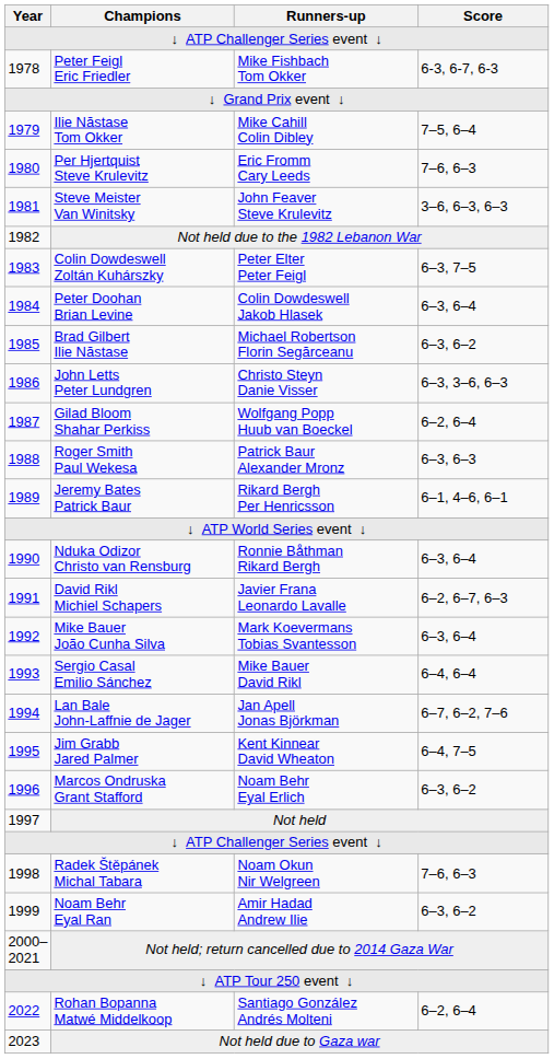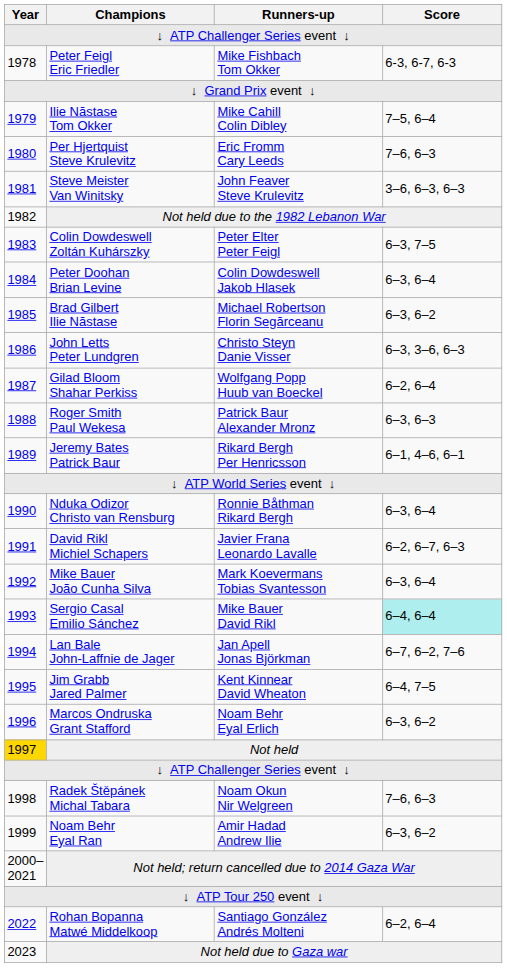 <table class=wikitable>
 <tr>
 <th style="width:40px">Year</th>
 <th style="width:200px">Champions</th>
 <th style="width:200px">Runners-up</th>
 <th style="width:140px" class="unsortable">Score</th>
 </tr>
 <tr>
 <td colspan="4" align="center" bgcolor=#e9e9e9>↓  <a href='#'>ATP Challenger Series</a> event  ↓</td>
 </tr>
 <tr>
 <td>1978</td>
 <td> <a href='#'>Peter Feigl</a><br> <a href='#'>Eric Friedler</a></td>
 <td> <a href='#'>Mike Fishbach</a><br> <a href='#'>Tom Okker</a></td>
 <td>6-3, 6-7, 6-3</td>
 </tr>
 <tr>
 <td colspan="4" align="center" bgcolor=#e9e9e9>↓  <a href='#'>Grand Prix</a> event  ↓</td>
 </tr>
 <tr>
 <td><a href='#'>1979</a></td>
 <td> <a href='#'>Ilie Năstase</a><br> <a href='#'>Tom Okker</a></td>
 <td> <a href='#'>Mike Cahill</a><br> <a href='#'>Colin Dibley</a></td>
 <td>7–5, 6–4</td>
 </tr>
 <tr>
 <td><a href='#'>1980</a></td>
 <td> <a href='#'>Per Hjertquist</a><br> <a href='#'>Steve Krulevitz</a></td>
 <td> <a href='#'>Eric Fromm</a><br> <a href='#'>Cary Leeds</a></td>
 <td>7–6, 6–3</td>
 </tr>
 <tr>
 <td><a href='#'>1981</a></td>
 <td> <a href='#'>Steve Meister</a><br> <a href='#'>Van Winitsky</a></td>
 <td> <a href='#'>John Feaver</a><br> <a href='#'>Steve Krulevitz</a></td>
 <td>3–6, 6–3, 6–3</td>
 </tr>
 <tr>
 <td>1982</td>
 <td colspan=3 align=center style="background:#efefef"><em>Not held due to the <a href='#'>1982 Lebanon War</a></em></td>
 </tr>
 <tr>
 <td><a href='#'>1983</a></td>
 <td> <a href='#'>Colin Dowdeswell</a><br> <a href='#'>Zoltán Kuhárszky</a></td>
 <td> <a href='#'>Peter Elter</a><br> <a href='#'>Peter Feigl</a></td>
 <td>6–3, 7–5</td>
 </tr>
 <tr>
 <td><a href='#'>1984</a></td>
 <td> <a href='#'>Peter Doohan</a><br> <a href='#'>Brian Levine</a></td>
 <td> <a href='#'>Colin Dowdeswell</a><br> <a href='#'>Jakob Hlasek</a></td>
 <td>6–3, 6–4</td>
 </tr>
 <tr>
 <td><a href='#'>1985</a></td>
 <td> <a href='#'>Brad Gilbert</a><br> <a href='#'>Ilie Năstase</a></td>
 <td> <a href='#'>Michael Robertson</a><br> <a href='#'>Florin Segărceanu</a></td>
 <td>6–3, 6–2</td>
 </tr>
 <tr>
 <td><a href='#'>1986</a></td>
 <td> <a href='#'>John Letts</a><br> <a href='#'>Peter Lundgren</a></td>
 <td> <a href='#'>Christo Steyn</a><br> <a href='#'>Danie Visser</a></td>
 <td>6–3, 3–6, 6–3</td>
 </tr>
 <tr>
 <td><a href='#'>1987</a></td>
 <td> <a href='#'>Gilad Bloom</a><br> <a href='#'>Shahar Perkiss</a></td>
 <td> <a href='#'>Wolfgang Popp</a><br> <a href='#'>Huub van Boeckel</a></td>
 <td>6–2, 6–4</td>
 </tr>
 <tr>
 <td><a href='#'>1988</a></td>
 <td> <a href='#'>Roger Smith</a><br> <a href='#'>Paul Wekesa</a></td>
 <td> <a href='#'>Patrick Baur</a><br> <a href='#'>Alexander Mronz</a></td>
 <td>6–3, 6–3</td>
 </tr>
 <tr>
 <td><a href='#'>1989</a></td>
 <td> <a href='#'>Jeremy Bates</a><br> <a href='#'>Patrick Baur</a></td>
 <td> <a href='#'>Rikard Bergh</a><br> <a href='#'>Per Henricsson</a></td>
 <td>6–1, 4–6, 6–1</td>
 </tr>
 <tr>
 <td colspan="4" align="center" bgcolor=#e9e9e9>↓  <a href='#'>ATP World Series</a> event  ↓</td>
 </tr>
 <tr>
 <td><a href='#'>1990</a></td>
 <td> <a href='#'>Nduka Odizor</a><br> <a href='#'>Christo van Rensburg</a></td>
 <td> <a href='#'>Ronnie Båthman</a><br> <a href='#'>Rikard Bergh</a></td>
 <td>6–3, 6–4</td>
 </tr>
 <tr>
 <td><a href='#'>1991</a></td>
 <td> <a href='#'>David Rikl</a><br> <a href='#'>Michiel Schapers</a></td>
 <td> <a href='#'>Javier Frana</a><br> <a href='#'>Leonardo Lavalle</a></td>
 <td>6–2, 6–7, 6–3</td>
 </tr>
 <tr>
 <td><a href='#'>1992</a></td>
 <td> <a href='#'>Mike Bauer</a><br> <a href='#'>João Cunha Silva</a></td>
 <td> <a href='#'>Mark Koevermans</a><br> <a href='#'>Tobias Svantesson</a></td>
 <td>6–3, 6–4</td>
 </tr>
 <tr>
 <td><a href='#'>1993</a></td>
 <td> <a href='#'>Sergio Casal</a><br> <a href='#'>Emilio Sánchez</a></td>
 <td> <a href='#'>Mike Bauer</a><br> <a href='#'>David Rikl</a></td>
-<td>6–4, 6–4</td>
+<td style="background: paleturquoise;">6–4, 6–4</td>
 </tr>
 <tr>
 <td><a href='#'>1994</a></td>
 <td> <a href='#'>Lan Bale</a><br> <a href='#'>John-Laffnie de Jager</a></td>
 <td> <a href='#'>Jan Apell</a><br> <a href='#'>Jonas Björkman</a></td>
 <td>6–7, 6–2, 7–6</td>
 </tr>
 <tr>
 <td><a href='#'>1995</a></td>
 <td> <a href='#'>Jim Grabb</a><br> <a href='#'>Jared Palmer</a></td>
 <td> <a href='#'>Kent Kinnear</a><br> <a href='#'>David Wheaton</a></td>
 <td>6–4, 7–5</td>
 </tr>
 <tr>
 <td><a href='#'>1996</a></td>
 <td> <a href='#'>Marcos Ondruska</a><br> <a href='#'>Grant Stafford</a></td>
 <td> <a href='#'>Noam Behr</a><br> <a href='#'>Eyal Erlich</a></td>
 <td>6–3, 6–2</td>
 </tr>
 <tr>
-<td>1997</td>
+<td style="background: gold;">1997</td>
 <td colspan=3 align=center style="background:#efefef"><em>Not held</em></td>
 </tr>
 <tr>
 <td colspan="4" align="center" bgcolor=#e9e9e9>↓  <a href='#'>ATP Challenger Series</a> event  ↓</td>
 </tr>
 <tr>
 <td>1998</td>
 <td> <a href='#'>Radek Štěpánek</a><br> <a href='#'>Michal Tabara</a></td>
 <td> <a href='#'>Noam Okun</a><br> <a href='#'>Nir Welgreen</a></td>
 <td>7–6, 6–3</td>
 </tr>
 <tr>
 <td>1999</td>
 <td> <a href='#'>Noam Behr</a><br> <a href='#'>Eyal Ran</a></td>
 <td> <a href='#'>Amir Hadad</a><br> <a href='#'>Andrew Ilie</a></td>
 <td>6–3, 6–2</td>
 </tr>
 <tr>
 <td>2000–2021</td>
 <td colspan=3 align=center style="background:#efefef"><em>Not held; return cancelled due to <a href='#'>2014 Gaza War</a></em></td>
 </tr>
 <tr>
 <td colspan="4" align="center" bgcolor=#e9e9e9>↓  <a href='#'>ATP Tour 250</a> event  ↓</td>
 </tr>
 <tr>
 <td><a href='#'>2022</a></td>
 <td> <a href='#'>Rohan Bopanna</a><br> <a href='#'>Matwé Middelkoop</a></td>
 <td> <a href='#'>Santiago González</a><br>  <a href='#'>Andrés Molteni</a></td>
 <td>6–2, 6–4</td>
 </tr>
 <tr>
 <td>2023</td>
 <td colspan="3" align="center" style="background:#efefef"><em>Not held due to <a href='#'>Gaza war</a></em></td>
 </tr>
 </table>
